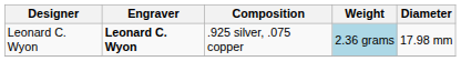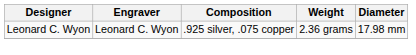 <table class="wikitable">
 <tr>
 <th>Designer</th>
 <th>Engraver</th>
 <th>Composition</th>
 <th>Weight</th>
 <th>Diameter</th>
 </tr>
 <tr>
 <td>Leonard C. Wyon</td>
-<td><strong>Leonard C. Wyon</strong></td>
+<td>Leonard C. Wyon</td>
 <td>.925 silver, .075 copper</td>
-<td style="background: lightblue;">2.36 grams</td>
+<td>2.36 grams</td>
 <td>17.98 mm</td>
 </tr>
 <tr>
 </tr>
 </table>
